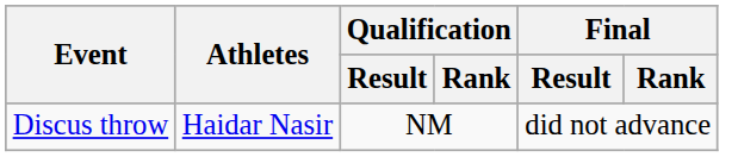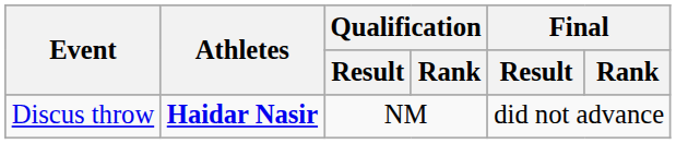 <table class="wikitable" border="1" style="font-size:90%">
 <tr>
 <th rowspan="2">Event</th>
 <th rowspan="2">Athletes</th>
 <th colspan="2">Qualification</th>
 <th colspan="2">Final</th>
 </tr>
 <tr>
 <th>Result</th>
 <th>Rank</th>
 <th>Result</th>
 <th>Rank</th>
 </tr>
 <tr>
 <td><a href='#'>Discus throw</a></td>
-<td><a href='#'>Haidar Nasir</a></td>
+<td><strong><a href='#'>Haidar Nasir</a></strong></td>
 <td align=center colspan=2>NM</td>
 <td align=center colspan=2>did not advance</td>
 </tr>
 </table>
